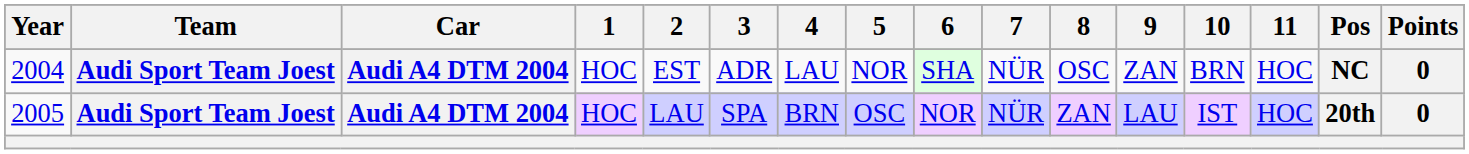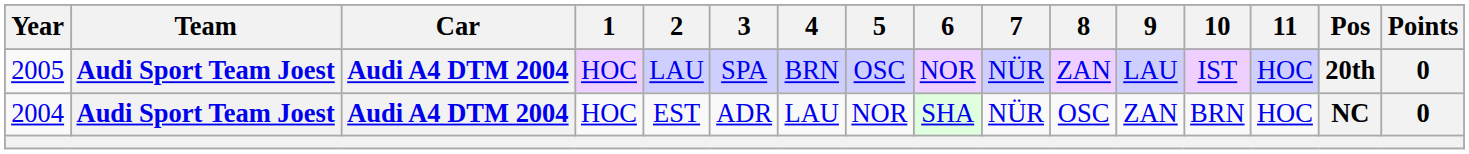 <table class="wikitable" style="text-align:center; font-size:90%">
 <tr>
 <th>Year</th>
 <th>Team</th>
 <th>Car</th>
 <th>1</th>
 <th>2</th>
 <th>3</th>
 <th>4</th>
 <th>5</th>
 <th>6</th>
 <th>7</th>
 <th>8</th>
 <th>9</th>
 <th>10</th>
 <th>11</th>
 <th>Pos</th>
 <th>Points</th>
 </tr>
 <tr>
+<td><a href='#'>2005</a></td>
+<th><a href='#'>Audi Sport Team Joest</a></th>
+<th><a href='#'>Audi A4 DTM 2004</a></th>
+<td style="background:#EFCFFF;"><a href='#'>HOC</a><br></td>
+<td style="background:#CFCFFF;"><a href='#'>LAU</a><br></td>
+<td style="background:#CFCFFF;"><a href='#'>SPA</a><br></td>
+<td style="background:#CFCFFF;"><a href='#'>BRN</a><br></td>
+<td style="background:#CFCFFF;"><a href='#'>OSC</a><br></td>
+<td style="background:#EFCFFF;"><a href='#'>NOR</a><br></td>
+<td style="background:#CFCFFF;"><a href='#'>NÜR</a><br></td>
+<td style="background:#EFCFFF;"><a href='#'>ZAN</a><br></td>
+<td style="background:#CFCFFF;"><a href='#'>LAU</a><br></td>
+<td style="background:#EFCFFF;"><a href='#'>IST</a><br></td>
+<td style="background:#CFCFFF;"><a href='#'>HOC</a><br></td>
+<th>20th</th>
+<th>0</th>
+</tr>
+<tr>
 <td><a href='#'>2004</a></td>
 <th><a href='#'>Audi Sport Team Joest</a></th>
 <th><a href='#'>Audi A4 DTM 2004</a></th>
 <td><a href='#'>HOC</a></td>
 <td><a href='#'>EST</a></td>
 <td><a href='#'>ADR</a></td>
 <td><a href='#'>LAU</a></td>
 <td><a href='#'>NOR</a></td>
 <td style="background:#DFFFDF;"><a href='#'>SHA</a><br></td>
 <td><a href='#'>NÜR</a></td>
 <td><a href='#'>OSC</a></td>
 <td><a href='#'>ZAN</a></td>
 <td><a href='#'>BRN</a></td>
 <td><a href='#'>HOC</a></td>
 <th>NC</th>
 <th>0</th>
 </tr>
 <tr>
-<td><a href='#'>2005</a></td>
-<th><a href='#'>Audi Sport Team Joest</a></th>
-<th><a href='#'>Audi A4 DTM 2004</a></th>
-<td style="background:#EFCFFF;"><a href='#'>HOC</a><br></td>
-<td style="background:#CFCFFF;"><a href='#'>LAU</a><br></td>
-<td style="background:#CFCFFF;"><a href='#'>SPA</a><br></td>
-<td style="background:#CFCFFF;"><a href='#'>BRN</a><br></td>
-<td style="background:#CFCFFF;"><a href='#'>OSC</a><br></td>
-<td style="background:#EFCFFF;"><a href='#'>NOR</a><br></td>
-<td style="background:#CFCFFF;"><a href='#'>NÜR</a><br></td>
-<td style="background:#EFCFFF;"><a href='#'>ZAN</a><br></td>
-<td style="background:#CFCFFF;"><a href='#'>LAU</a><br></td>
-<td style="background:#EFCFFF;"><a href='#'>IST</a><br></td>
-<td style="background:#CFCFFF;"><a href='#'>HOC</a><br></td>
-<th>20th</th>
-<th>0</th>
-</tr>
-<tr>
 <th colspan="16"></th>
 </tr>
 </table>
